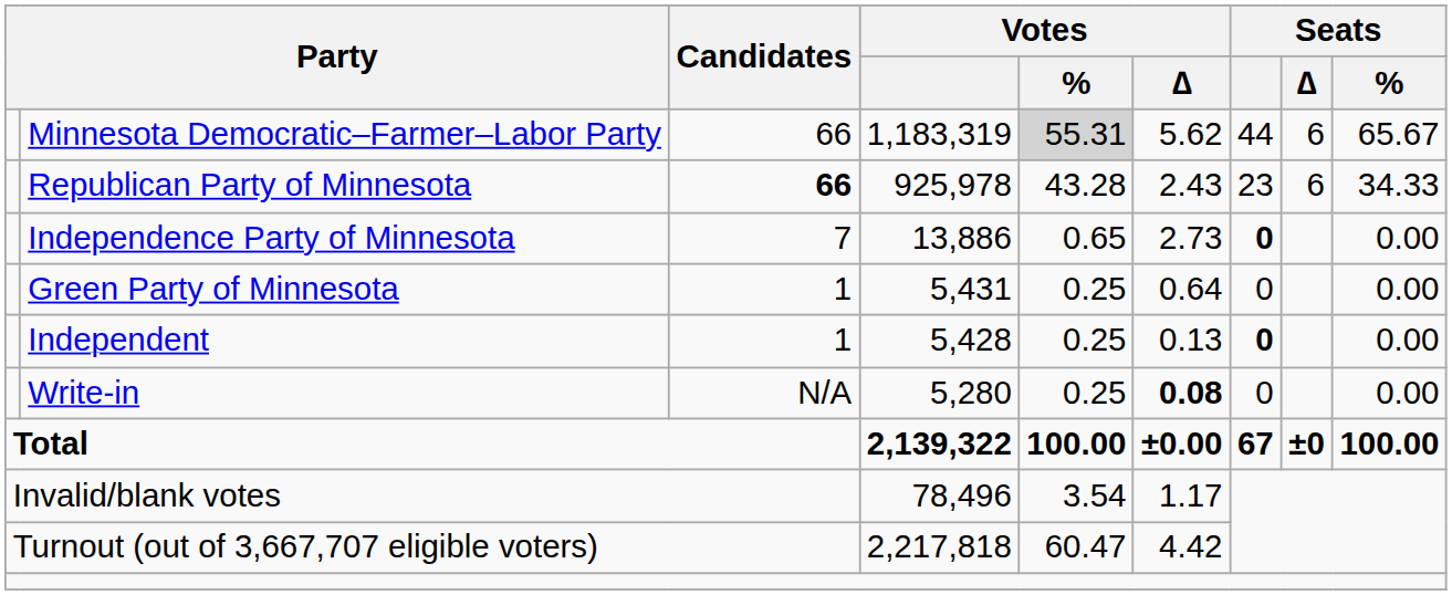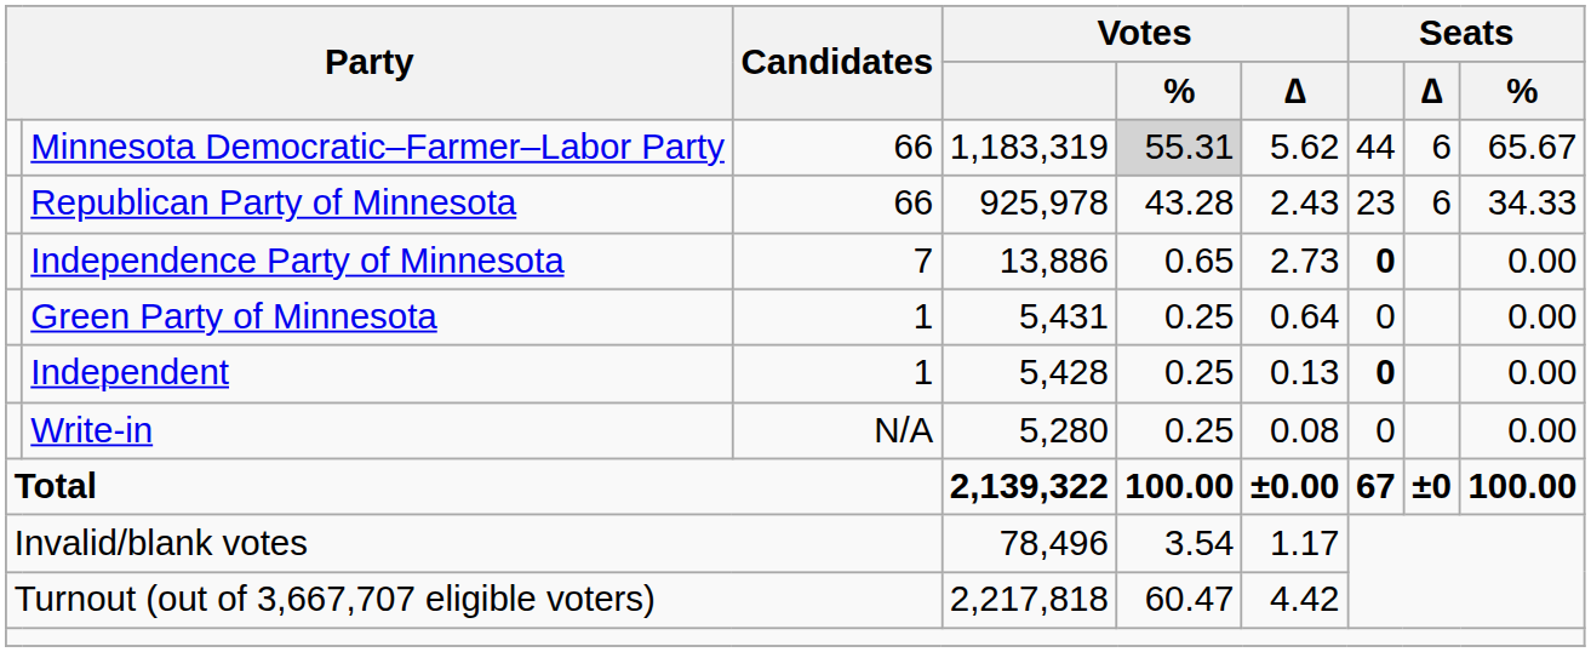 <table class="wikitable">
 <tr>
 <th rowspan="2" colspan="2">Party</th>
 <th rowspan="2">Candidates</th>
 <th colspan="3">Votes</th>
 <th colspan="3">Seats</th>
 </tr>
 <tr>
 <th></th>
 <th>%</th>
 <th>∆</th>
 <th></th>
 <th>∆</th>
 <th>%</th>
 </tr>
 <tr>
 <td style="background-color:"></td>
 <td><a href='#'>Minnesota Democratic–Farmer–Labor Party</a></td>
 <td align="right">66</td>
 <td align="right">1,183,319</td>
 <td align="right" style="background: lightgrey;">55.31</td>
 <td align="right">5.62</td>
 <td align="right">44</td>
 <td align="right">6</td>
 <td align="right">65.67</td>
 </tr>
 <tr>
 <td style="background-color:"></td>
 <td><a href='#'>Republican Party of Minnesota</a></td>
-<td align="right"><strong>66</strong></td>
+<td align="right">66</td>
 <td align="right">925,978</td>
 <td align="right">43.28</td>
 <td align="right">2.43</td>
 <td align="right">23</td>
 <td align="right">6</td>
 <td align="right">34.33</td>
 </tr>
 <tr>
 <td style="background-color:"></td>
 <td><a href='#'>Independence Party of Minnesota</a></td>
 <td align="right">7</td>
 <td align="right">13,886</td>
 <td align="right">0.65</td>
 <td align="right">2.73</td>
 <td align="right"><strong>0</strong></td>
 <td align="right"></td>
 <td align="right">0.00</td>
 </tr>
 <tr>
 <td style="background-color:"></td>
 <td><a href='#'>Green Party of Minnesota</a></td>
 <td align="right">1</td>
 <td align="right">5,431</td>
 <td align="right">0.25</td>
 <td align="right">0.64</td>
 <td align="right">0</td>
 <td align="right"></td>
 <td align="right">0.00</td>
 </tr>
 <tr>
 <td style="background-color:"></td>
 <td><a href='#'>Independent</a></td>
 <td align="right">1</td>
 <td align="right">5,428</td>
 <td align="right">0.25</td>
 <td align="right">0.13</td>
 <td align="right"><strong>0</strong></td>
 <td align="right"></td>
 <td align="right">0.00</td>
 </tr>
 <tr>
 <td style="background-color:"></td>
 <td><a href='#'>Write-in</a></td>
 <td align="right">N/A</td>
 <td align="right">5,280</td>
 <td align="right">0.25</td>
-<td align="right"><strong>0.08</strong></td>
+<td align="right">0.08</td>
 <td align="right">0</td>
 <td align="right"></td>
 <td align="right">0.00</td>
 </tr>
 <tr>
 <td colspan="3" align="left"><strong>Total</strong></td>
 <td align="right"><strong>2,139,322</strong></td>
 <td align="right"><strong>100.00</strong></td>
 <td align="right"><strong>±0.00</strong></td>
 <td align="right"><strong>67</strong></td>
 <td align="right"><strong>±0</strong></td>
 <td align="right"><strong>100.00</strong></td>
 </tr>
 <tr>
 <td colspan="3" align="left">Invalid/blank votes</td>
 <td colspan="1" align="right">78,496</td>
 <td colspan="1" align="right">3.54</td>
 <td colspan="1" align="right">1.17</td>
 <td rowspan="2" colspan="3"></td>
 </tr>
 <tr>
 <td colspan="3" align="left">Turnout (out of 3,667,707 eligible voters)</td>
 <td colspan="1" align="right">2,217,818</td>
 <td colspan="1" align="right">60.47</td>
 <td colspan="1" align="right">4.42</td>
 </tr>
 <tr>
 <td colspan="9"></td>
 </tr>
 </table>
